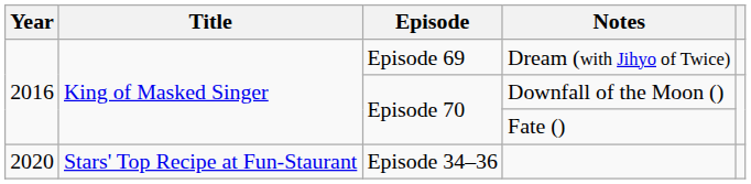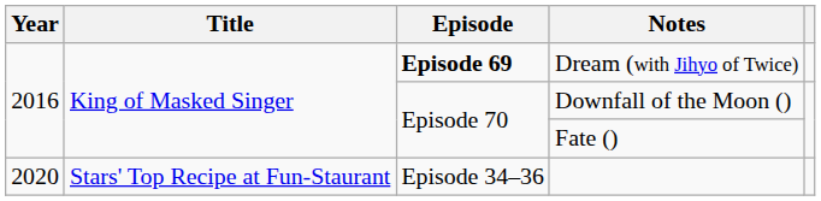 <table class="wikitable">
 <tr>
 <th scope="col">Year</th>
 <th scope="col">Title</th>
 <th scope="col">Episode</th>
 <th scope="col">Notes</th>
 <th scope="col"></th>
 </tr>
 <tr>
 <td rowspan="3">2016</td>
 <td rowspan="3"><a href='#'>King of Masked Singer</a></td>
-<td>Episode 69</td>
+<td><strong>Episode 69</strong></td>
 <td>Dream (<small>with <a href='#'>Jihyo</a> of Twice)</small></td>
 <td></td>
 </tr>
 <tr>
 <td rowspan="2">Episode 70</td>
 <td>Downfall of the Moon ()</td>
 <td rowspan="2"></td>
 </tr>
 <tr>
 <td>Fate ()</td>
 </tr>
 <tr>
 <td>2020</td>
 <td><a href='#'>Stars' Top Recipe at Fun-Staurant</a></td>
 <td>Episode 34–36</td>
 <td></td>
 <td></td>
 </tr>
 </table>
